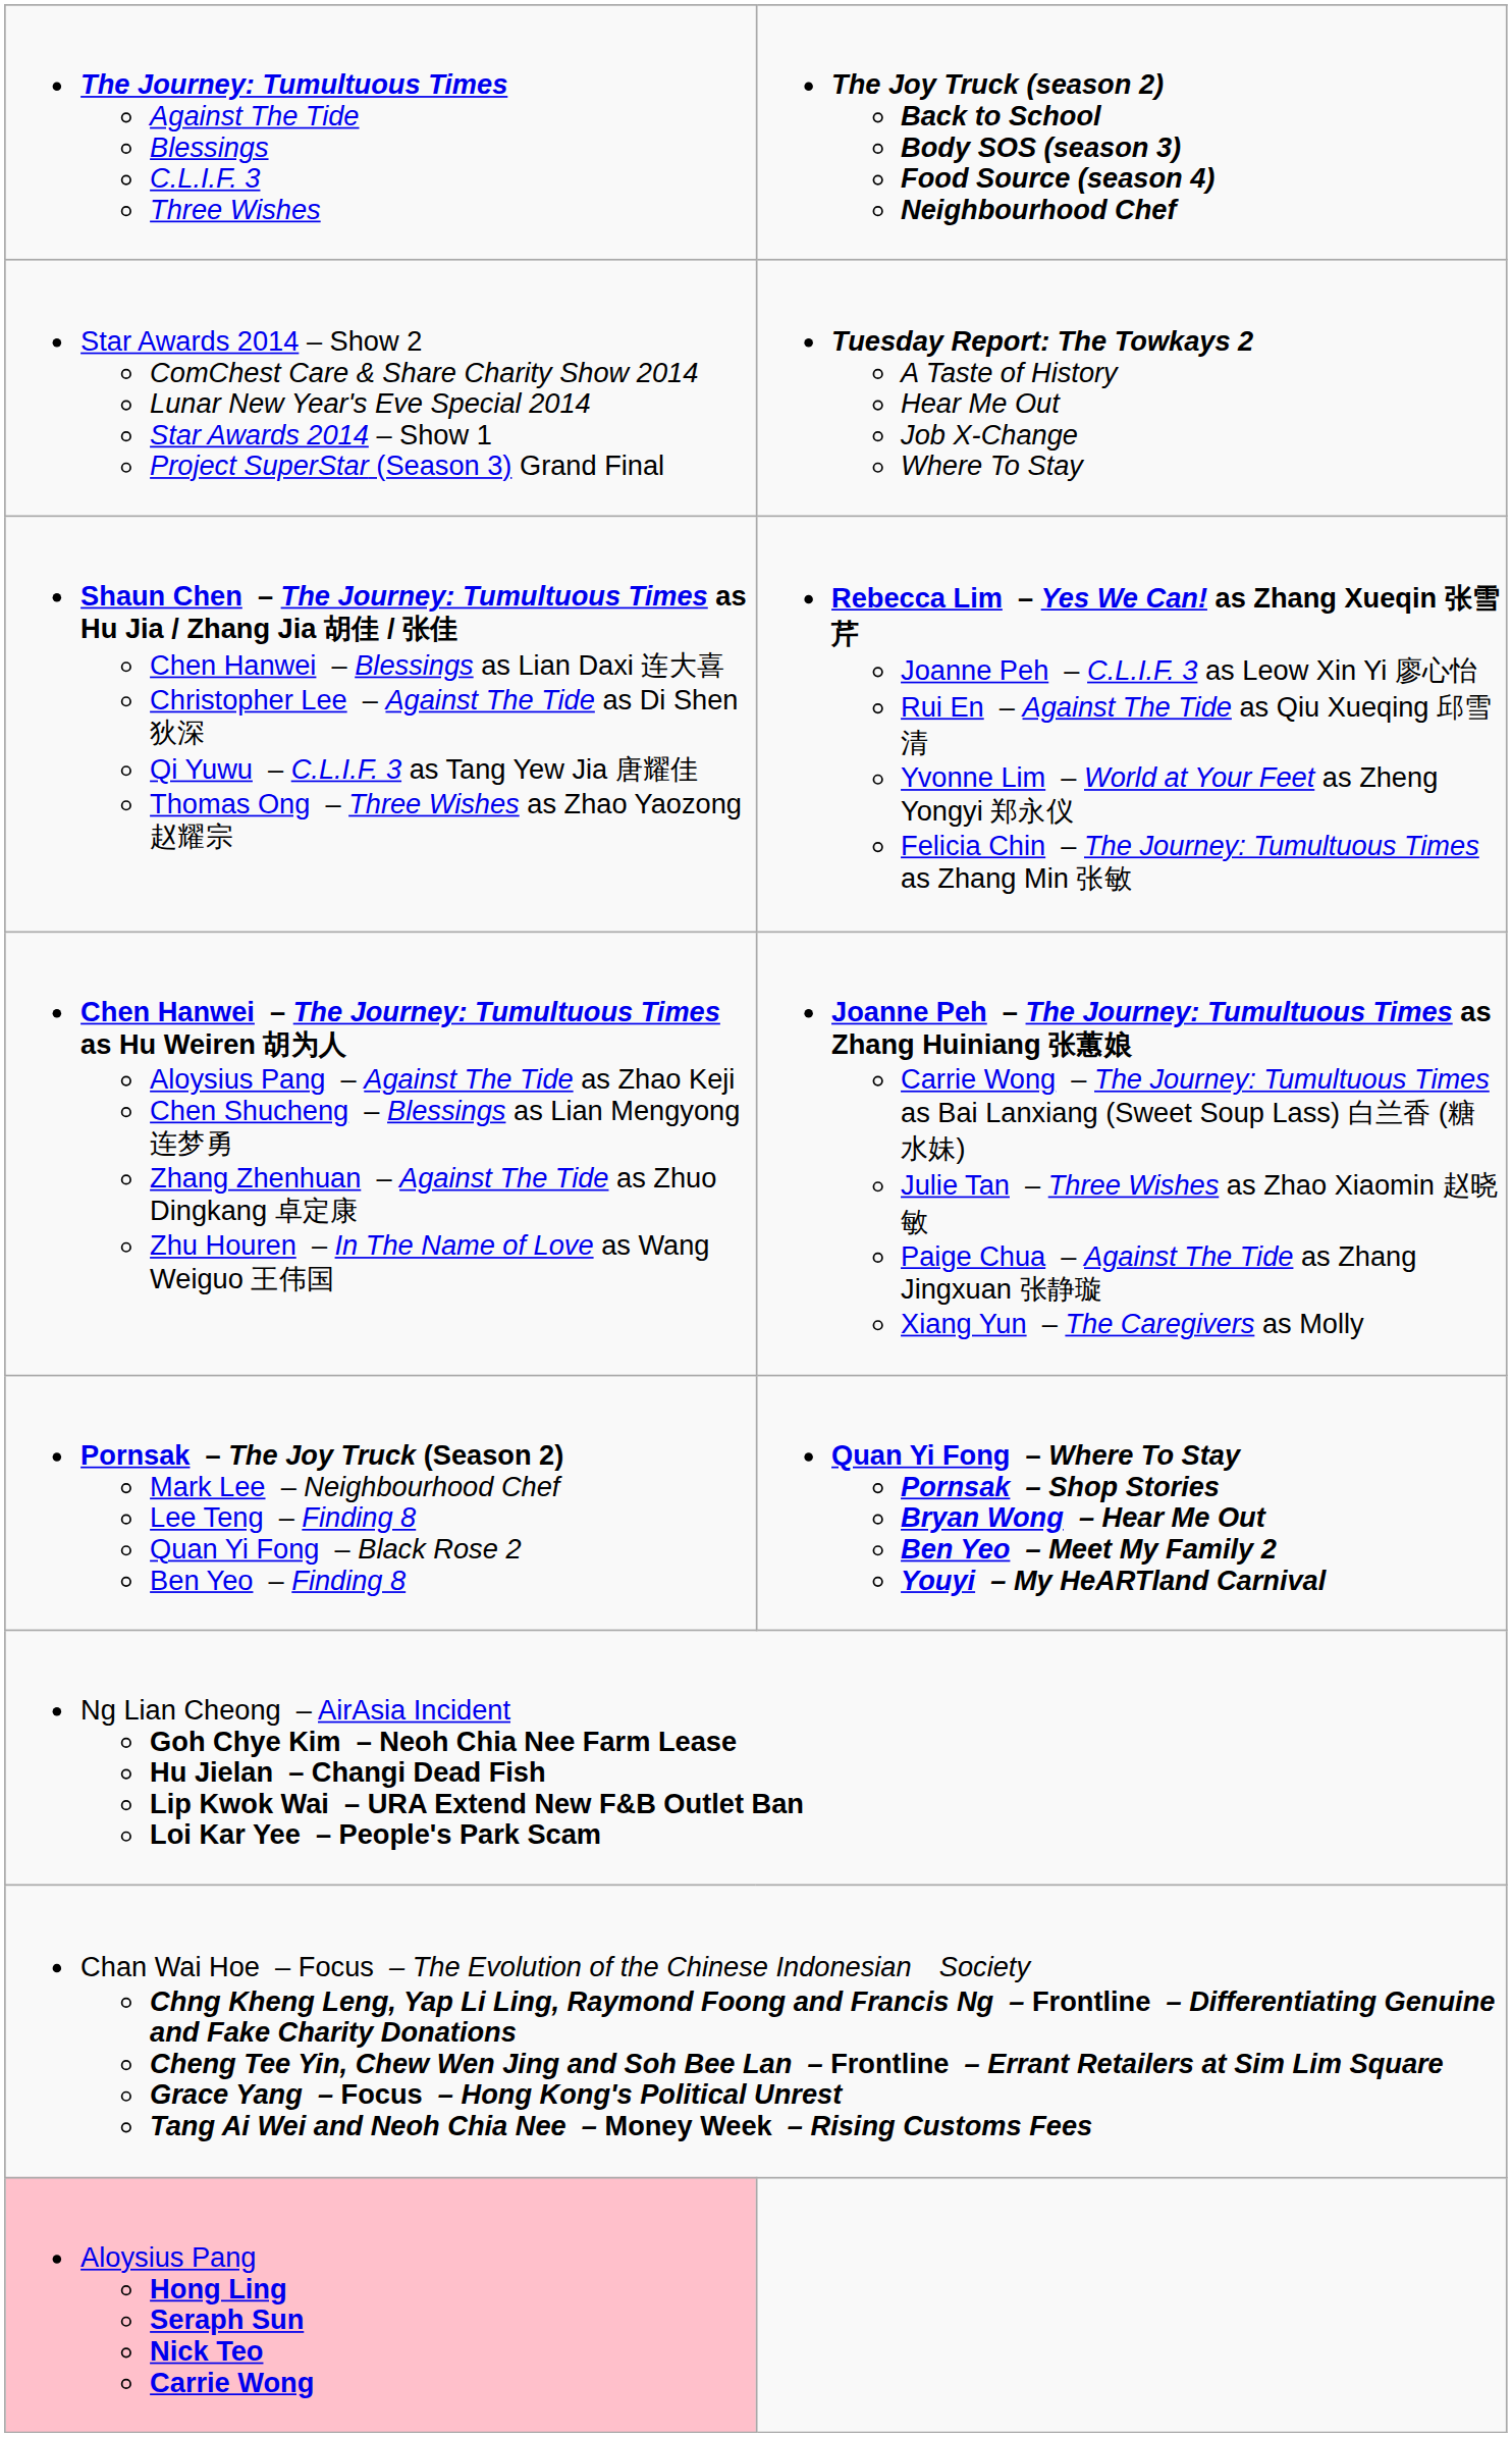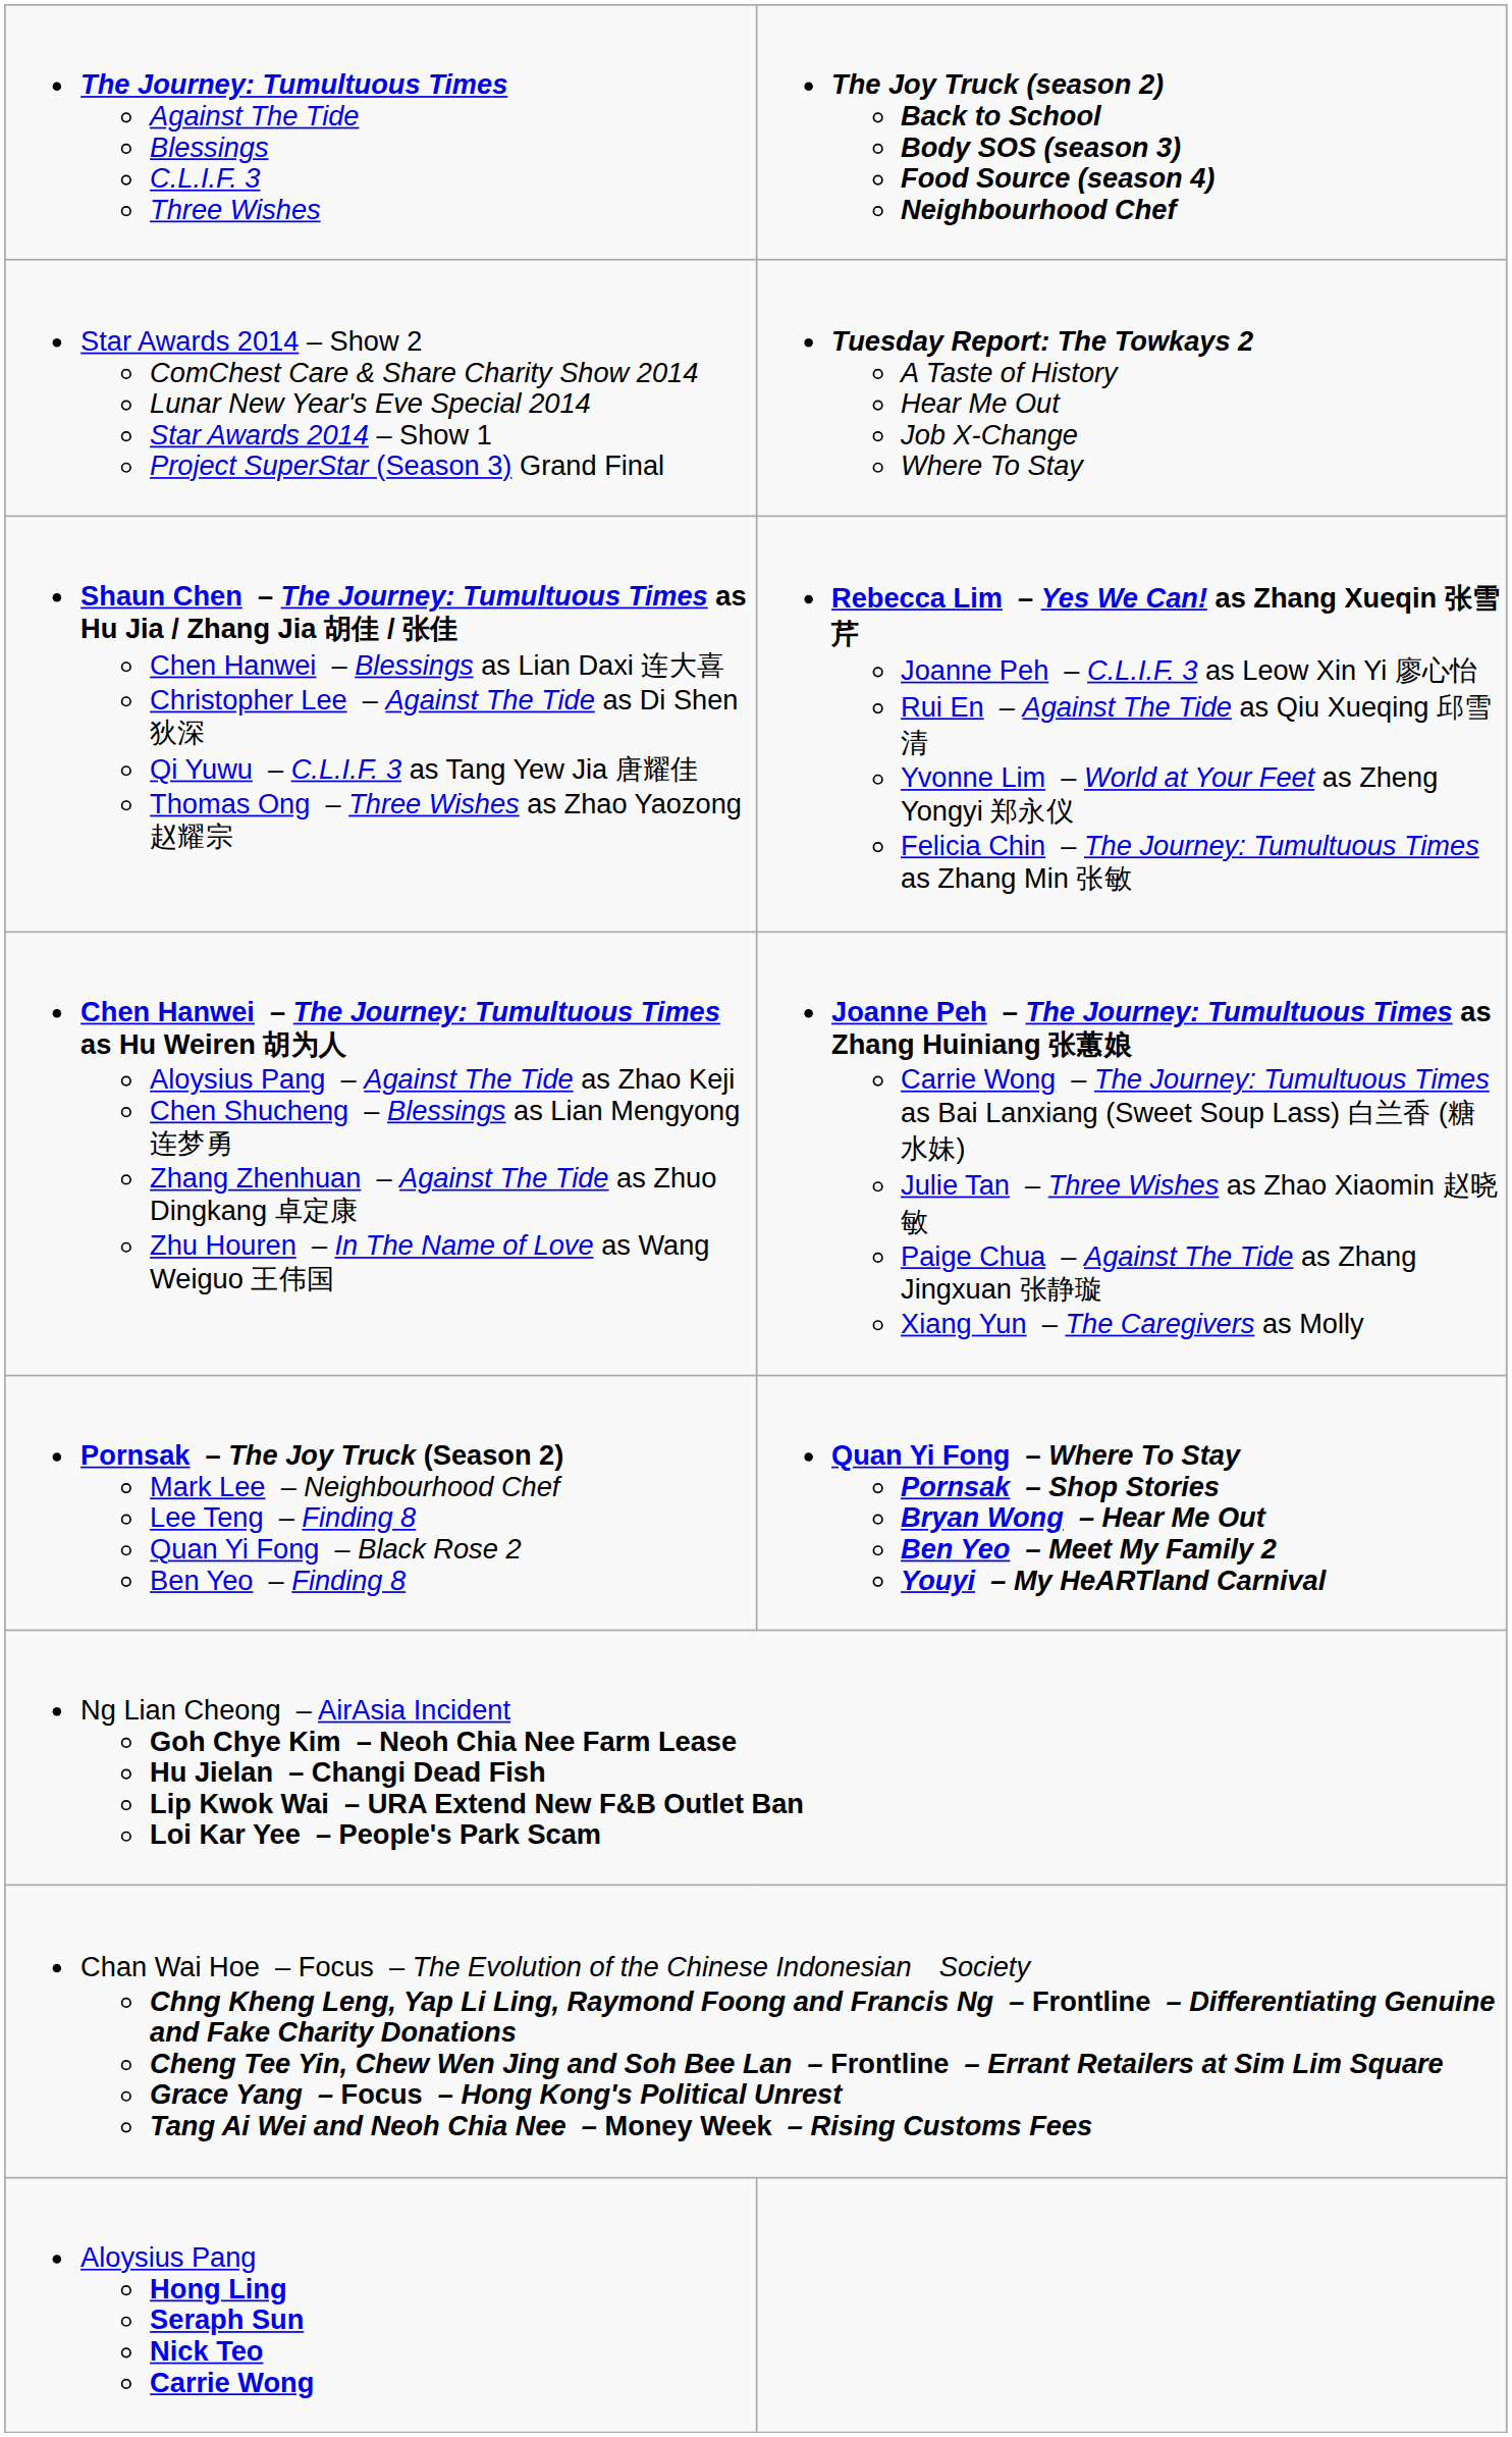 <table class=wikitable>
 <tr>
 <td valign="top" width="50%"><br><div></div><ul><li><strong><em><a href='#'>The Journey: Tumultuous Times</a></em></strong><ul><li><em><a href='#'>Against The Tide</a></em></li><li><em><a href='#'>Blessings</a></em></li><li><em><a href='#'>C.L.I.F. 3</a></em></li><li><em><a href='#'>Three Wishes</a></em></li></ul></li></ul></td>
 <td valign="top" width="50%"><br><div></div><ul><li><strong><em>The Joy Truck<em> (season 2) <strong><ul><li></em>Back to School<em></li><li></em>Body SOS<em> (season 3)</li><li></em>Food Source<em> (season 4)</li><li></em>Neighbourhood Chef<em></li></ul></li></ul></td>
 </tr>
 <tr>
 <td valign="top" width="50%"><br><div></div><ul><li></em></strong><a href='#'>Star Awards 2014</a></em> – Show 2</strong><ul><li><em>ComChest Care & Share Charity Show 2014</em></li><li><em>Lunar New Year's Eve Special 2014</em></li><li><em><a href='#'>Star Awards 2014</a></em> – Show 1</li><li><a href='#'><em>Project SuperStar</em> (Season 3)</a> Grand Final</li></ul></li></ul></td>
 <td valign="top" width="50%"><br><div></div><ul><li><strong><em> Tuesday Report: The Towkays 2</em></strong><ul><li><em>A Taste of History</em></li><li><em>Hear Me Out</em></li><li><em>Job X-Change</em></li><li><em>Where To Stay</em></li></ul></li></ul></td>
 </tr>
 <tr>
 <td valign="top" width="50%"><br><div></div><ul><li><strong><a href='#'>Shaun Chen</a>  – <em><a href='#'>The Journey: Tumultuous Times</a></em> as Hu Jia / Zhang Jia 胡佳 / 张佳</strong><ul><li><a href='#'>Chen Hanwei</a>  – <em><a href='#'>Blessings</a></em> as Lian Daxi 连大喜</li><li><a href='#'>Christopher Lee</a>  – <em><a href='#'>Against The Tide</a></em> as Di Shen 狄深</li><li><a href='#'>Qi Yuwu</a>  – <em><a href='#'>C.L.I.F. 3</a></em> as Tang Yew Jia 唐耀佳</li><li><a href='#'>Thomas Ong</a>  – <em><a href='#'>Three Wishes</a></em>  as Zhao Yaozong 赵耀宗</li></ul></li></ul></td>
 <td valign="top" width="50%"><br><div></div><ul><li><strong><a href='#'>Rebecca Lim</a>  – <em><a href='#'>Yes We Can!</a></em> as Zhang Xueqin 张雪芹</strong><ul><li><a href='#'>Joanne Peh</a>   – <em><a href='#'>C.L.I.F. 3</a></em> as Leow Xin Yi 廖心怡</li><li><a href='#'>Rui En</a>  – <em><a href='#'>Against The Tide</a></em> as Qiu Xueqing 邱雪清</li><li><a href='#'>Yvonne Lim</a>  – <em><a href='#'>World at Your Feet</a></em> as Zheng Yongyi 郑永仪</li><li><a href='#'>Felicia Chin</a>  – <em><a href='#'>The Journey: Tumultuous Times</a></em> as Zhang Min 张敏</li></ul></li></ul></td>
 </tr>
 <tr>
 <td valign="top" width="50%"><br><div></div><ul><li><strong><a href='#'>Chen Hanwei</a>  – <em><a href='#'>The Journey: Tumultuous Times</a></em> as Hu Weiren 胡为人</strong><ul><li><a href='#'>Aloysius Pang</a>  – <em><a href='#'>Against The Tide</a></em> as Zhao Keji</li><li><a href='#'>Chen Shucheng</a>  – <em><a href='#'>Blessings</a></em> as Lian Mengyong 连梦勇</li><li><a href='#'>Zhang Zhenhuan</a>  – <em><a href='#'>Against The Tide</a></em> as Zhuo Dingkang 卓定康</li><li><a href='#'>Zhu Houren</a>  – <em><a href='#'>In The Name of Love</a></em> as Wang Weiguo 王伟国</li></ul></li></ul></td>
 <td valign="top" width="50%"><br><div></div><ul><li><strong><a href='#'>Joanne Peh</a>  – <em><a href='#'>The Journey: Tumultuous Times</a></em> as Zhang Huiniang 张蕙娘</strong><ul><li><a href='#'>Carrie Wong</a>  – <em><a href='#'>The Journey: Tumultuous Times</a></em> as Bai Lanxiang (Sweet Soup Lass) 白兰香 (糖水妹)</li><li><a href='#'>Julie Tan</a>  – <em><a href='#'>Three Wishes</a></em> as Zhao Xiaomin 赵晓敏</li><li><a href='#'>Paige Chua</a>  – <em><a href='#'>Against The Tide</a></em> as Zhang Jingxuan 张静璇</li><li><a href='#'>Xiang Yun</a>  – <em><a href='#'>The Caregivers</a></em> as Molly</li></ul></li></ul></td>
 </tr>
 <tr>
 <td valign="top" width="50%"><br><div></div><ul><li><strong><a href='#'>Pornsak</a>  – <em>The Joy Truck</em> (Season 2)</strong><ul><li><a href='#'>Mark Lee</a>  – <em>Neighbourhood Chef</em></li><li><a href='#'>Lee Teng</a>  –  <em><a href='#'>Finding 8</a></em></li><li><a href='#'>Quan Yi Fong</a>  – <em>Black Rose 2</em></li><li><a href='#'>Ben Yeo</a>  – <em><a href='#'>Finding 8</a></em></li></ul></li></ul></td>
 <td valign="top" width="50%"><br><div></div><ul><li><strong><a href='#'>Quan Yi Fong</a>  – <em>Where To Stay<strong><em><ul><li><a href='#'>Pornsak</a>  – </em>Shop Stories<em></li><li><a href='#'>Bryan Wong</a>  – </em>Hear Me Out<em></li><li><a href='#'>Ben Yeo</a>  – </em>Meet My Family 2<em></li><li><a href='#'>Youyi</a>  – </em>My HeARTland Carnival<em></li></ul></li></ul></td>
 </tr>
 <tr>
 <td colspan=2 valign="top" width="100%"><br><div></div><ul><li></strong>Ng Lian Cheong  – <a href='#'>AirAsia Incident</a><strong><ul><li>Goh Chye Kim  – Neoh Chia Nee Farm Lease</li><li>Hu Jielan  – Changi Dead Fish</li><li>Lip Kwok Wai  – URA Extend New F&B Outlet Ban</li><li>Loi Kar Yee  – People's Park Scam</li></ul></li></ul></td>
 </tr>
 <tr>
 <td colspan=2 valign="top" width="100%"><br><div></div><ul><li></strong>Chan Wai Hoe  – </em>Focus<em>  – The Evolution of the Chinese Indonesian　Society<strong><ul><li>Chng Kheng Leng, Yap Li Ling, Raymond Foong and Francis Ng  – </em>Frontline<em>  – Differentiating Genuine and Fake Charity Donations</li><li>Cheng Tee Yin, Chew Wen Jing and Soh Bee Lan   – </em>Frontline<em>  – Errant Retailers at Sim Lim Square</li><li>Grace Yang  – </em>Focus<em>  – Hong Kong's Political Unrest</li><li>Tang Ai Wei and Neoh Chia Nee  – </em>Money Week<em>  – Rising Customs Fees</li></ul></li></ul></td>
 </tr>
 <tr>
-<td valign="top" width="50%" style="background: pink;"><br><div></div><ul><li></strong><a href='#'>Aloysius Pang</a><strong><ul><li><a href='#'>Hong Ling</a></li><li><a href='#'>Seraph Sun</a></li><li><a href='#'>Nick Teo</a></li><li><a href='#'>Carrie Wong</a></li></ul></li></ul></td>
+<td valign="top" width="50%"><br><div></div><ul><li></strong><a href='#'>Aloysius Pang</a><strong><ul><li><a href='#'>Hong Ling</a></li><li><a href='#'>Seraph Sun</a></li><li><a href='#'>Nick Teo</a></li><li><a href='#'>Carrie Wong</a></li></ul></li></ul></td>
 </tr>
 </table>
